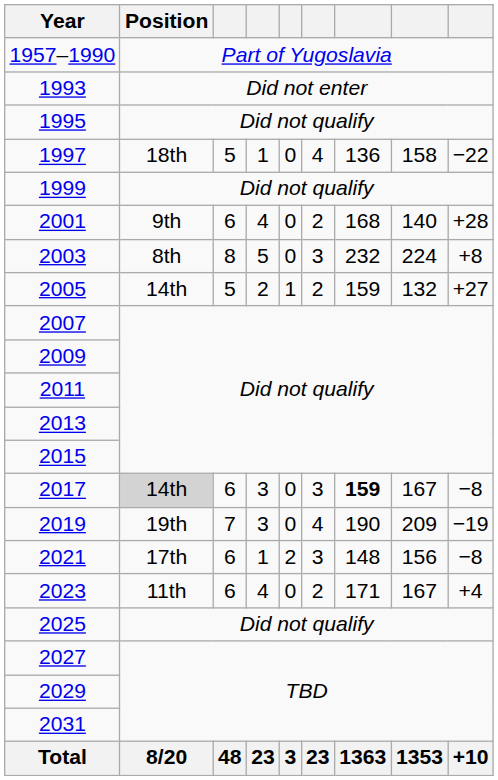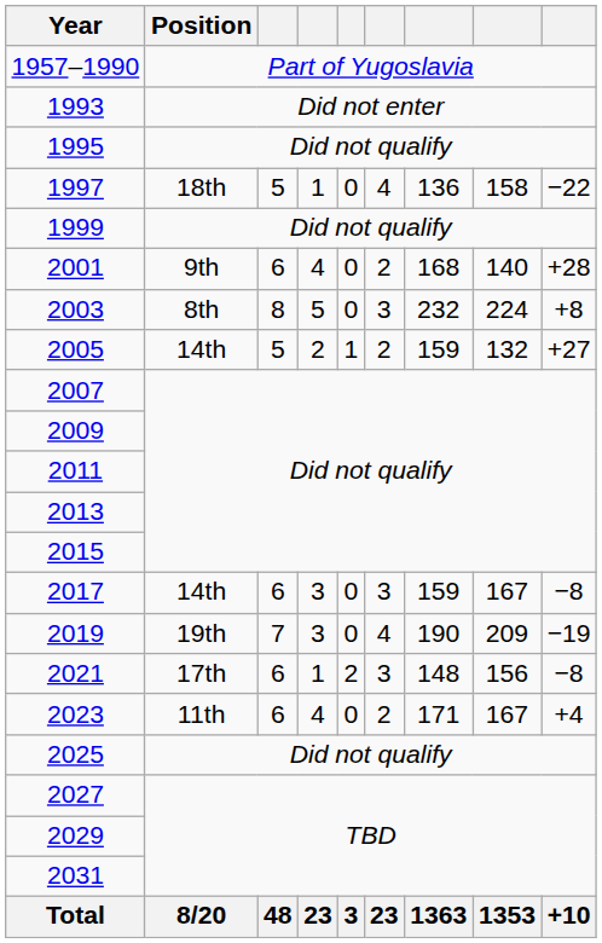 <table class="wikitable" style="text-align: center;">
 <tr>
 <th>Year</th>
 <th>Position</th>
 <th></th>
 <th></th>
 <th></th>
 <th></th>
 <th></th>
 <th></th>
 <th></th>
 </tr>
 <tr>
 <td><a href='#'>1957</a>–<a href='#'>1990</a></td>
 <td colspan="8"><em><a href='#'>Part of Yugoslavia</a></em></td>
 </tr>
 <tr>
 <td> <a href='#'>1993</a></td>
 <td colspan="8"><em>Did not enter</em></td>
 </tr>
 <tr>
 <td> <a href='#'>1995</a></td>
 <td colspan=8><em>Did not qualify</em></td>
 </tr>
 <tr>
 <td> <a href='#'>1997</a></td>
 <td>18th</td>
 <td>5</td>
 <td>1</td>
 <td>0</td>
 <td>4</td>
 <td>136</td>
 <td>158</td>
 <td>−22</td>
 </tr>
 <tr>
 <td> <a href='#'>1999</a></td>
 <td colspan=8><em>Did not qualify</em></td>
 </tr>
 <tr>
 <td> <a href='#'>2001</a></td>
 <td>9th</td>
 <td>6</td>
 <td>4</td>
 <td>0</td>
 <td>2</td>
 <td>168</td>
 <td>140</td>
 <td>+28</td>
 </tr>
 <tr>
 <td> <a href='#'>2003</a></td>
 <td>8th</td>
 <td>8</td>
 <td>5</td>
 <td>0</td>
 <td>3</td>
 <td>232</td>
 <td>224</td>
 <td>+8</td>
 </tr>
 <tr>
 <td> <a href='#'>2005</a></td>
 <td>14th</td>
 <td>5</td>
 <td>2</td>
 <td>1</td>
 <td>2</td>
 <td>159</td>
 <td>132</td>
 <td>+27</td>
 </tr>
 <tr>
 <td> <a href='#'>2007</a></td>
 <td colspan=8 rowspan=5><em>Did not qualify</em></td>
 </tr>
 <tr>
 <td> <a href='#'>2009</a></td>
 </tr>
 <tr>
 <td> <a href='#'>2011</a></td>
 </tr>
 <tr>
 <td> <a href='#'>2013</a></td>
 </tr>
 <tr>
 <td> <a href='#'>2015</a></td>
 </tr>
 <tr>
 <td> <a href='#'>2017</a></td>
-<td style="background: lightgrey;">14th</td>
+<td>14th</td>
 <td>6</td>
 <td>3</td>
 <td>0</td>
 <td>3</td>
-<td><strong>159</strong></td>
+<td>159</td>
 <td>167</td>
 <td>−8</td>
 </tr>
 <tr>
 <td> <a href='#'>2019</a></td>
 <td>19th</td>
 <td>7</td>
 <td>3</td>
 <td>0</td>
 <td>4</td>
 <td>190</td>
 <td>209</td>
 <td>−19</td>
 </tr>
 <tr>
 <td> <a href='#'>2021</a></td>
 <td>17th</td>
 <td>6</td>
 <td>1</td>
 <td>2</td>
 <td>3</td>
 <td>148</td>
 <td>156</td>
 <td>−8</td>
 </tr>
 <tr>
 <td> <a href='#'>2023</a></td>
 <td>11th</td>
 <td>6</td>
 <td>4</td>
 <td>0</td>
 <td>2</td>
 <td>171</td>
 <td>167</td>
 <td>+4</td>
 </tr>
 <tr>
 <td> <a href='#'>2025</a></td>
 <td colspan=8><em>Did not qualify</em></td>
 </tr>
 <tr>
 <td> <a href='#'>2027</a></td>
 <td colspan=8 rowspan=3><em>TBD</em></td>
 </tr>
 <tr>
 <td> <a href='#'>2029</a></td>
 </tr>
 <tr>
 <td> <a href='#'>2031</a></td>
 </tr>
 <tr>
 <th>Total</th>
 <th>8/20</th>
 <th>48</th>
 <th>23</th>
 <th>3</th>
 <th>23</th>
 <th>1363</th>
 <th>1353</th>
 <th>+10</th>
 </tr>
 </table>
